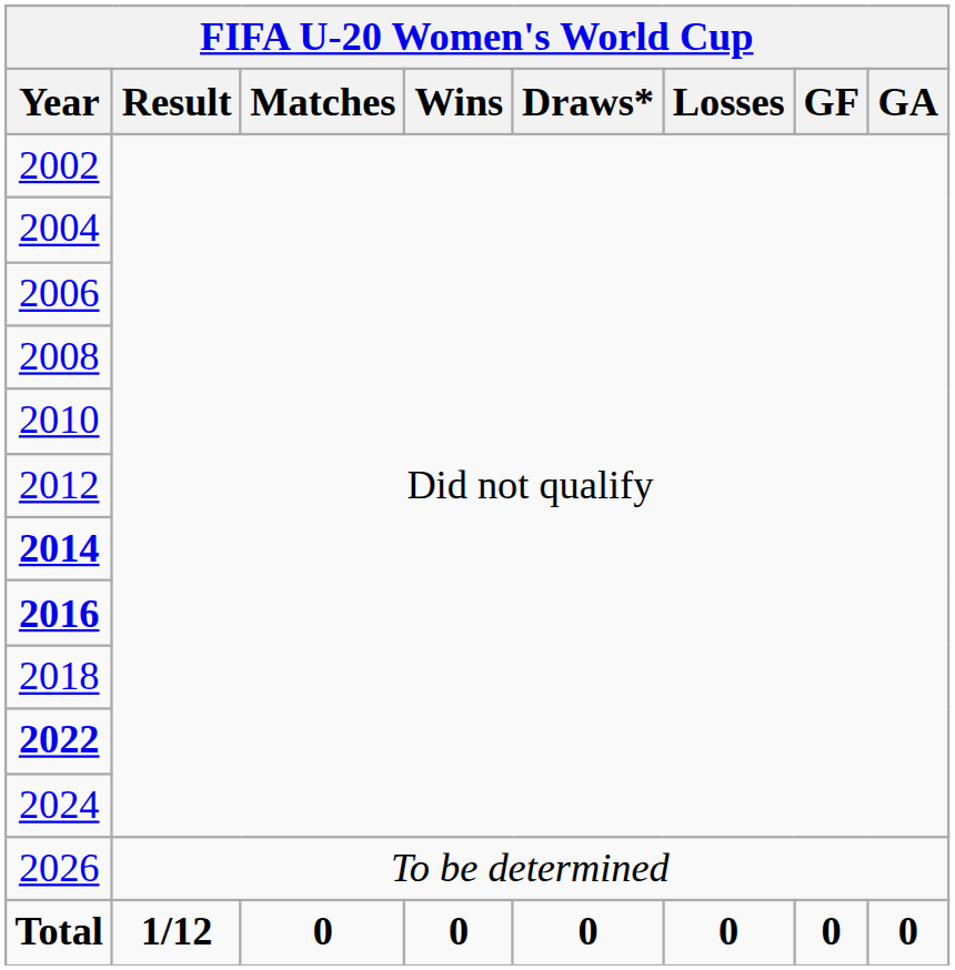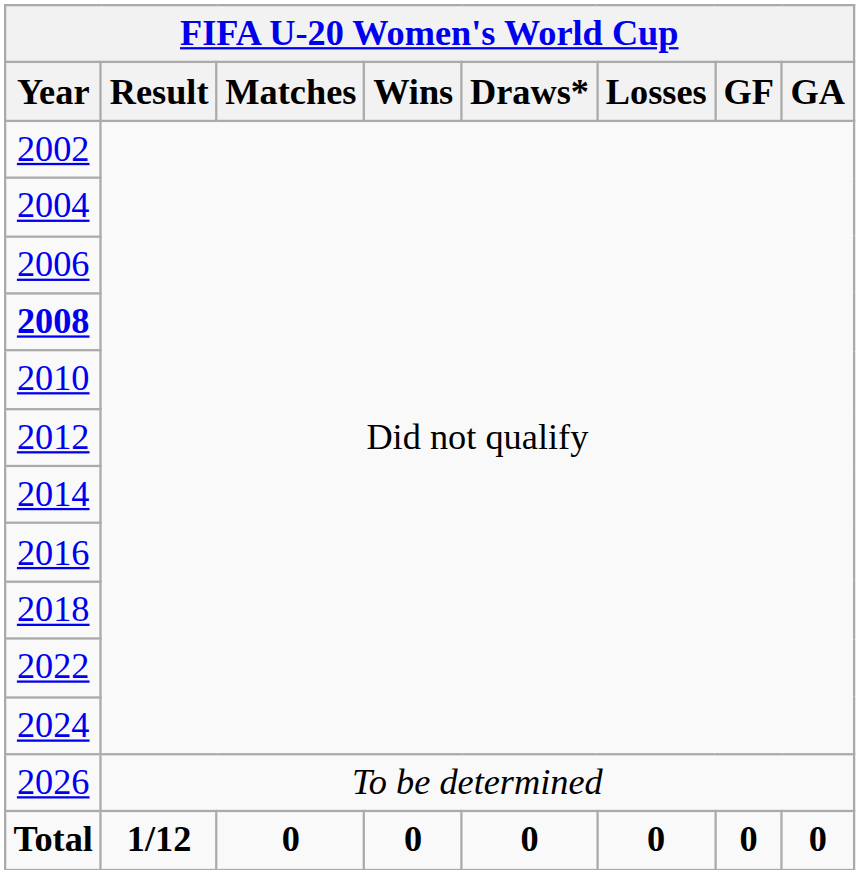 <table class="wikitable" style="text-align: center;">
 <tr>
 <th colspan=10><a href='#'>FIFA U-20 Women's World Cup</a></th>
 </tr>
 <tr>
 <th>Year</th>
 <th>Result</th>
 <th>Matches</th>
 <th>Wins</th>
 <th>Draws*</th>
 <th>Losses</th>
 <th>GF</th>
 <th>GA</th>
 </tr>
 <tr>
 <td> <a href='#'>2002</a></td>
 <td rowspan=11 colspan=7>Did not qualify</td>
 </tr>
 <tr>
 <td> <a href='#'>2004</a></td>
 </tr>
 <tr>
 <td> <a href='#'>2006</a></td>
 </tr>
 <tr>
-<td> <a href='#'>2008</a></td>
+<td><strong> <a href='#'>2008</a></strong></td>
 </tr>
 <tr>
 <td> <a href='#'>2010</a></td>
 </tr>
 <tr>
 <td> <a href='#'>2012</a></td>
 </tr>
 <tr>
-<td><strong> <a href='#'>2014</a></strong></td>
+<td> <a href='#'>2014</a></td>
 </tr>
 <tr>
-<td><strong> <a href='#'>2016</a></strong></td>
+<td> <a href='#'>2016</a></td>
 </tr>
 <tr>
 <td> <a href='#'>2018</a></td>
 </tr>
 <tr>
-<td><strong> <a href='#'>2022</a></strong></td>
+<td> <a href='#'>2022</a></td>
 </tr>
 <tr>
 <td> <a href='#'>2024</a></td>
 </tr>
 <tr>
 <td> <a href='#'>2026</a></td>
 <td colspan=7><em>To be determined</em></td>
 </tr>
 <tr>
 <td><strong>Total</strong></td>
 <td><strong>1/12</strong></td>
 <td><strong>0</strong></td>
 <td><strong>0</strong></td>
 <td><strong>0</strong></td>
 <td><strong>0</strong></td>
 <td><strong>0</strong></td>
 <td><strong>0</strong></td>
 </tr>
 </table>
